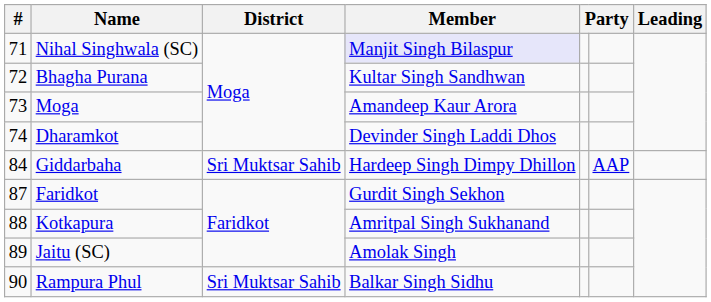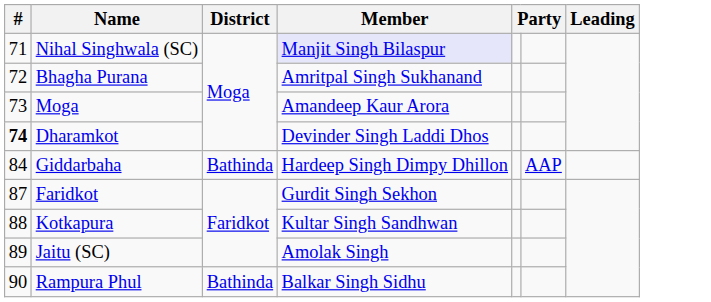 <table class="wikitable">
 <tr>
 <th>#</th>
 <th>Name</th>
 <th>District</th>
 <th>Member</th>
 <th colspan="2">Party</th>
 <th colspan="2">Leading<br></th>
 </tr>
 <tr>
 <td>71</td>
 <td><a href='#'>Nihal Singhwala</a> (SC)</td>
 <td rowspan="4"><a href='#'>Moga</a></td>
 <td style="background: lavender;"><a href='#'>Manjit Singh Bilaspur</a></td>
 <td></td>
 <td></td>
 </tr>
 <tr>
 <td>72</td>
 <td><a href='#'>Bhagha Purana</a></td>
-<td><a href='#'>Kultar Singh Sandhwan</a></td>
+<td><a href='#'>Amritpal Singh Sukhanand</a></td>
 <td></td>
 <td></td>
 </tr>
 <tr>
 <td>73</td>
 <td><a href='#'>Moga</a></td>
 <td><a href='#'>Amandeep Kaur Arora</a></td>
 <td></td>
 <td></td>
 </tr>
 <tr>
-<td>74</td>
+<td><strong>74</strong></td>
 <td><a href='#'>Dharamkot</a></td>
 <td><a href='#'>Devinder Singh Laddi Dhos</a></td>
 <td></td>
 <td></td>
 </tr>
 <tr>
 <td>84</td>
 <td><a href='#'>Giddarbaha</a></td>
-<td><a href='#'>Sri Muktsar Sahib</a></td>
+<td><a href='#'>Bathinda</a></td>
 <td><a href='#'>Hardeep Singh Dimpy Dhillon</a></td>
 <td style="background-color: "></td>
 <td><a href='#'>AAP</a></td>
 <td></td>
 </tr>
 <tr>
 <td>87</td>
 <td><a href='#'>Faridkot</a></td>
 <td rowspan="3"><a href='#'>Faridkot</a></td>
 <td><a href='#'>Gurdit Singh Sekhon</a></td>
 <td></td>
 <td></td>
 </tr>
 <tr>
 <td>88</td>
 <td><a href='#'>Kotkapura</a></td>
-<td><a href='#'>Amritpal Singh Sukhanand</a></td>
+<td><a href='#'>Kultar Singh Sandhwan</a></td>
 <td></td>
 <td></td>
 </tr>
 <tr>
 <td>89</td>
 <td><a href='#'>Jaitu</a> (SC)</td>
 <td><a href='#'>Amolak Singh</a></td>
 <td></td>
 <td></td>
 </tr>
 <tr>
 <td>90</td>
 <td><a href='#'>Rampura Phul</a></td>
-<td><a href='#'>Sri Muktsar Sahib</a></td>
+<td><a href='#'>Bathinda</a></td>
 <td><a href='#'>Balkar Singh Sidhu</a></td>
 <td></td>
 <td></td>
 </tr>
 </table>
